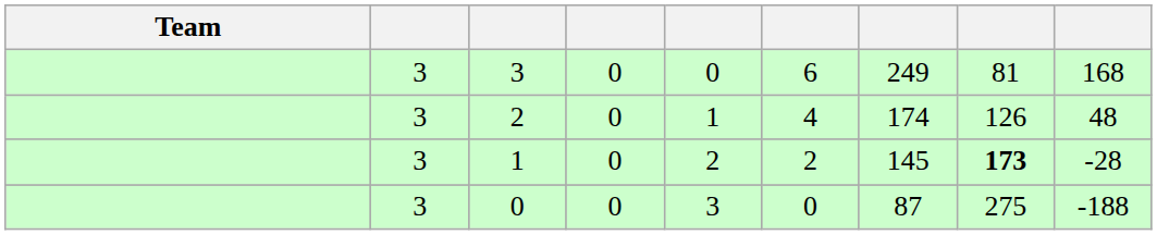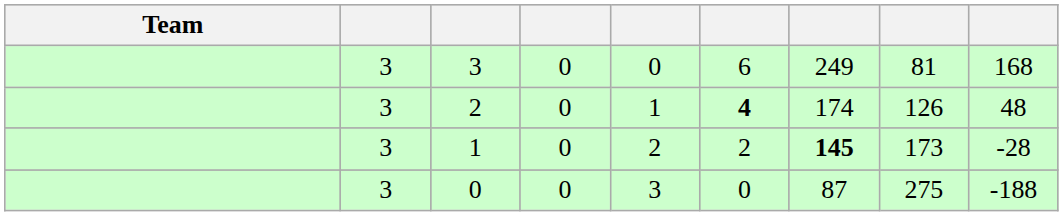 <table class=wikitable style="text-align: center;">
 <tr>
 <th style="width: 12.5em;" scope="col">Team</th>
 <th style="width: 3em;" scope="col"></th>
 <th style="width: 3em;" scope="col"></th>
 <th style="width: 3em;" scope="col"></th>
 <th style="width: 3em;" scope="col"></th>
 <th style="width: 3em;" scope="col"></th>
 <th style="width: 3em;" scope="col"></th>
 <th style="width: 3em;" scope="col"></th>
 <th style="width: 3em;" scope="col"></th>
 </tr>
 <tr style="background-color: #cfc;">
 <td style="text-align: left;"></td>
 <td>3</td>
 <td>3</td>
 <td>0</td>
 <td>0</td>
 <td>6</td>
 <td>249</td>
 <td>81</td>
 <td>168</td>
 </tr>
 <tr style="background-color: #cfc;">
 <td style="text-align: left;"></td>
 <td>3</td>
 <td>2</td>
 <td>0</td>
 <td>1</td>
-<td>4</td>
+<td><strong>4</strong></td>
 <td>174</td>
 <td>126</td>
 <td>48</td>
 </tr>
 <tr style="background-color: #cfc;">
 <td style="text-align: left;"></td>
 <td>3</td>
 <td>1</td>
 <td>0</td>
 <td>2</td>
 <td>2</td>
-<td>145</td>
-<td><strong>173</strong></td>
+<td><strong>145</strong></td>
+<td>173</td>
 <td>-28</td>
 </tr>
 <tr style="background-color: #cfc;">
 <td style="text-align: left;"></td>
 <td>3</td>
 <td>0</td>
 <td>0</td>
 <td>3</td>
 <td>0</td>
 <td>87</td>
 <td>275</td>
 <td>-188</td>
 </tr>
 </table>
